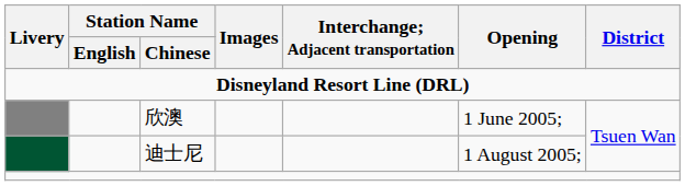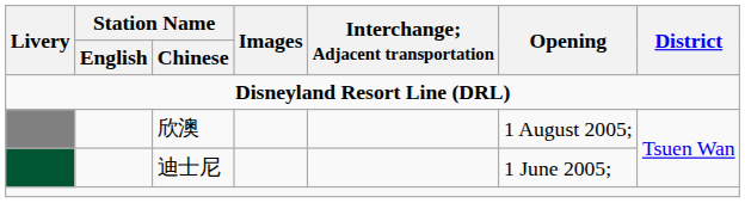 <table class="wikitable" style="color: black; border-collapse: collapse; font-size: 95%">
 <tr>
 <th rowspan="2">Livery</th>
 <th colspan="2">Station Name</th>
 <th rowspan="2">Images</th>
 <th rowspan="2">Interchange;<br><small>Adjacent transportation</small></th>
 <th rowspan="2">Opening</th>
 <th rowspan="2"><a href='#'>District</a></th>
 </tr>
 <tr>
 <th>English</th>
 <th>Chinese</th>
 </tr>
 <tr>
 <td colspan="7" style="text-align:center;"><strong><span>Disneyland Resort Line (DRL)</span></strong></td>
 </tr>
 <tr>
 <td style="background-color: #808080;"></td>
 <td><strong></strong></td>
 <td>欣澳</td>
 <td></td>
 <td></td>
-<td>1 June 2005;<br></td>
+<td>1 August 2005;<br></td>
 <td rowspan="2"><a href='#'>Tsuen Wan</a></td>
 </tr>
 <tr>
 <td style="background-color:#005533;"></td>
 <td><strong></strong></td>
 <td>迪士尼</td>
 <td></td>
 <td></td>
-<td>1 August 2005;<br></td>
+<td>1 June 2005;<br></td>
 </tr>
 <tr>
 <td colspan = "7"></td>
 </tr>
 </table>
